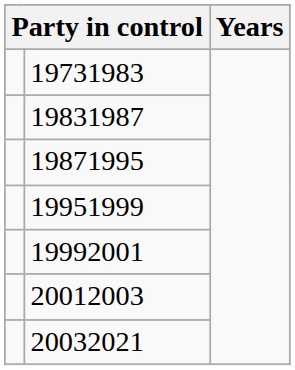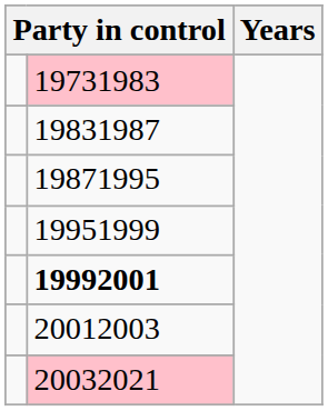 <table class="wikitable">
 <tr>
 <th colspan="2">Party in control</th>
 <th>Years</th>
 </tr>
 <tr>
 <td></td>
-<td>19731983</td>
+<td style="background: pink;">19731983</td>
 </tr>
 <tr>
 <td></td>
 <td>19831987</td>
 </tr>
 <tr>
 <td></td>
 <td>19871995</td>
 </tr>
 <tr>
 <td></td>
 <td>19951999</td>
 </tr>
 <tr>
 <td></td>
-<td>19992001</td>
+<td><strong>19992001</strong></td>
 </tr>
 <tr>
 <td></td>
 <td>20012003</td>
 </tr>
 <tr>
 <td></td>
-<td>20032021</td>
+<td style="background: pink;">20032021</td>
 </tr>
 </table>
